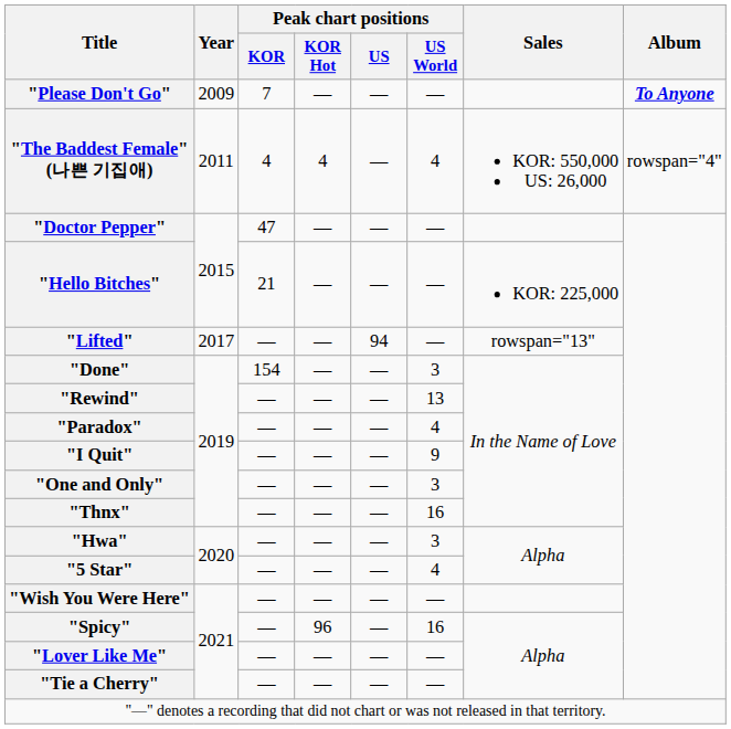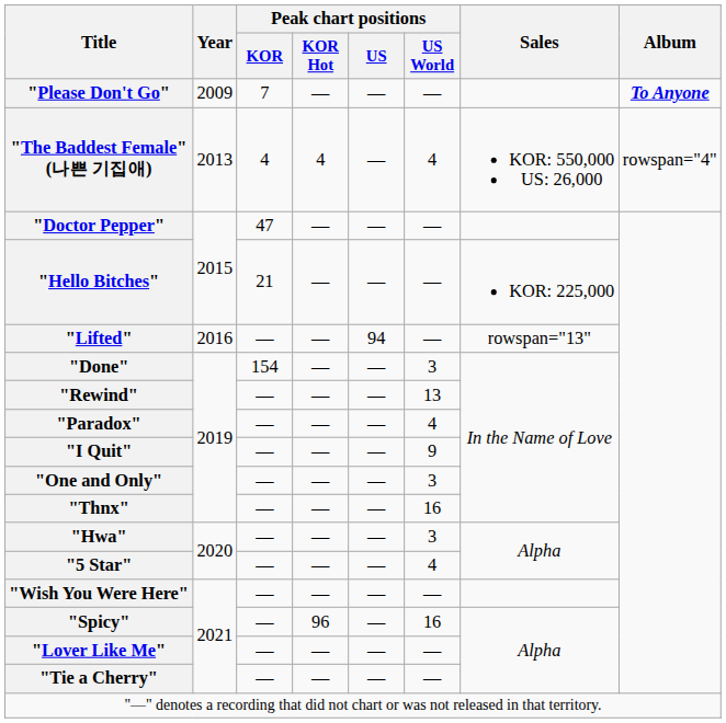 <table class="wikitable plainrowheaders" style="text-align:center;">
 <tr>
 <th scope="col" rowspan="2">Title</th>
 <th scope="col" rowspan="2">Year</th>
 <th scope="col" colspan="4">Peak chart positions</th>
 <th scope="col" rowspan="2">Sales</th>
 <th scope="col" rowspan="2">Album</th>
 </tr>
 <tr>
 <th scope="col" style="width:3em;font-size:90%;"><a href='#'>KOR</a><br></th>
 <th scope="col" style="width:3em;font-size:90%;"><a href='#'>KOR Hot</a><br></th>
 <th scope="col" style="width:3em;font-size:90%;"><a href='#'>US</a><br></th>
 <th scope="col" style="width:3em;font-size:90%;"><a href='#'>US World</a><br></th>
 </tr>
 <tr>
 <th scope="row">"<a href='#'>Please Don't Go</a>"<br></th>
 <td>2009</td>
 <td>7</td>
 <td>—</td>
 <td>—</td>
 <td>—</td>
 <td></td>
 <td><strong><em><a href='#'>To Anyone</a></em></strong></td>
 </tr>
 <tr>
 <th scope="row">"<a href='#'>The Baddest Female</a>"<br>(나쁜 기집애)</th>
-<td>2011</td>
+<td>2013</td>
 <td>4</td>
 <td>4</td>
 <td>—</td>
 <td>4</td>
 <td><br><ul><li>KOR: 550,000</li><li>US: 26,000</li></ul></td>
 <td>rowspan="4" </td>
 </tr>
 <tr>
 <th scope="row">"<a href='#'>Doctor Pepper</a>"<br></th>
 <td rowspan="2">2015</td>
 <td>47</td>
 <td>—</td>
 <td>—</td>
 <td>—</td>
 <td></td>
 </tr>
 <tr>
 <th scope="row">"<a href='#'>Hello Bitches</a>"</th>
 <td>21</td>
 <td>—</td>
 <td>—</td>
 <td>—</td>
 <td><br><ul><li>KOR: 225,000</li></ul></td>
 </tr>
 <tr>
 <th scope="row">"<a href='#'>Lifted</a>"</th>
-<td>2017</td>
+<td>2016</td>
 <td>—</td>
 <td>—</td>
 <td>94</td>
 <td>—</td>
 <td>rowspan="13" </td>
 </tr>
 <tr>
 <th scope="row">"Done"</th>
 <td rowspan="6">2019</td>
 <td>154</td>
 <td>—</td>
 <td>—</td>
 <td>3</td>
 <td rowspan="6"><em>In the Name of Love</em></td>
 </tr>
 <tr>
 <th scope="row">"Rewind"</th>
 <td>—</td>
 <td>—</td>
 <td>—</td>
 <td>13</td>
 </tr>
 <tr>
 <th scope="row">"Paradox"</th>
 <td>—</td>
 <td>—</td>
 <td>—</td>
 <td>4</td>
 </tr>
 <tr>
 <th scope="row">"I Quit"</th>
 <td>—</td>
 <td>—</td>
 <td>—</td>
 <td>9</td>
 </tr>
 <tr>
 <th scope="row">"One and Only"</th>
 <td>—</td>
 <td>—</td>
 <td>—</td>
 <td>3</td>
 </tr>
 <tr>
 <th scope="row">"Thnx"</th>
 <td>—</td>
 <td>—</td>
 <td>—</td>
 <td>16</td>
 </tr>
 <tr>
 <th scope="row">"Hwa"</th>
 <td rowspan="2">2020</td>
 <td>—</td>
 <td>—</td>
 <td>—</td>
 <td>3</td>
 <td rowspan="2"><em>Alpha</em></td>
 </tr>
 <tr>
 <th scope="row">"5 Star"</th>
 <td>—</td>
 <td>—</td>
 <td>—</td>
 <td>4</td>
 </tr>
 <tr>
 <th scope="row">"Wish You Were Here"</th>
 <td rowspan="4">2021</td>
 <td>—</td>
 <td>—</td>
 <td>—</td>
 <td>—</td>
 <td></td>
 </tr>
 <tr>
 <th scope="row">"Spicy"</th>
 <td>—</td>
 <td>96</td>
 <td>—</td>
 <td>16</td>
 <td rowspan="3"><em>Alpha</em></td>
 </tr>
 <tr>
 <th scope="row">"<a href='#'>Lover Like Me</a>"</th>
 <td>—</td>
 <td>—</td>
 <td>—</td>
 <td>—</td>
 </tr>
 <tr>
 <th scope="row">"Tie a Cherry"</th>
 <td>—</td>
 <td>—</td>
 <td>—</td>
 <td>—</td>
 </tr>
 <tr>
 <td colspan="8" align="center" style="font-size:85%">"—" denotes a recording that did not chart or was not released in that territory.</td>
 </tr>
 </table>
